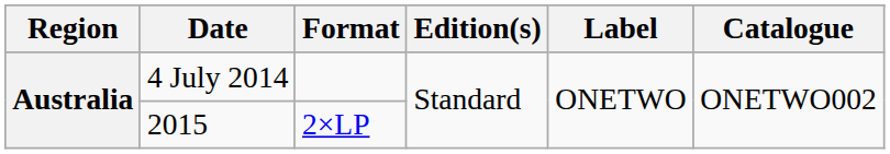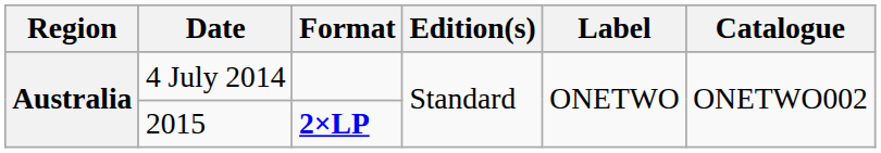 <table class="wikitable plainrowheaders">
 <tr>
 <th scope="col">Region</th>
 <th scope="col">Date</th>
 <th scope="col">Format</th>
 <th scope="col">Edition(s)</th>
 <th scope="col">Label</th>
 <th scope="col">Catalogue</th>
 </tr>
 <tr>
 <th scope="row" rowspan="2">Australia</th>
 <td>4 July 2014</td>
 <td></td>
 <td rowspan="2">Standard</td>
 <td rowspan="2">ONETWO</td>
 <td rowspan="2">ONETWO002</td>
 </tr>
 <tr>
 <td>2015</td>
-<td><a href='#'>2×LP</a></td>
+<td><strong><a href='#'>2×LP</a></strong></td>
 </tr>
 </table>
